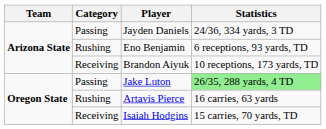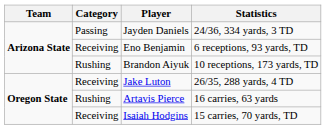 <table class="wikitable" style="float: right;">
 <tr>
 <th>Team</th>
 <th>Category</th>
 <th>Player</th>
 <th>Statistics</th>
 </tr>
 <tr>
 <td rowspan=3><strong>Arizona State</strong></td>
 <td>Passing</td>
 <td>Jayden Daniels</td>
 <td>24/36, 334 yards, 3 TD</td>
 </tr>
 <tr>
-<td>Rushing</td>
+<td>Receiving</td>
 <td>Eno Benjamin</td>
 <td>6 receptions, 93 yards, TD</td>
 </tr>
 <tr>
-<td>Receiving</td>
+<td>Rushing</td>
 <td>Brandon Aiyuk</td>
 <td>10 receptions, 173 yards, TD</td>
 </tr>
 <tr>
 <td rowspan=3><strong>Oregon State</strong></td>
-<td>Passing</td>
+<td>Receiving</td>
 <td><a href='#'>Jake Luton</a></td>
-<td style="background: lightgreen;">26/35, 288 yards, 4 TD</td>
+<td>26/35, 288 yards, 4 TD</td>
 </tr>
 <tr>
 <td>Rushing</td>
 <td><a href='#'>Artavis Pierce</a></td>
 <td>16 carries, 63 yards</td>
 </tr>
 <tr>
 <td>Receiving</td>
 <td><a href='#'>Isaiah Hodgins</a></td>
 <td>15 carries, 70 yards, TD</td>
 </tr>
 </table>
